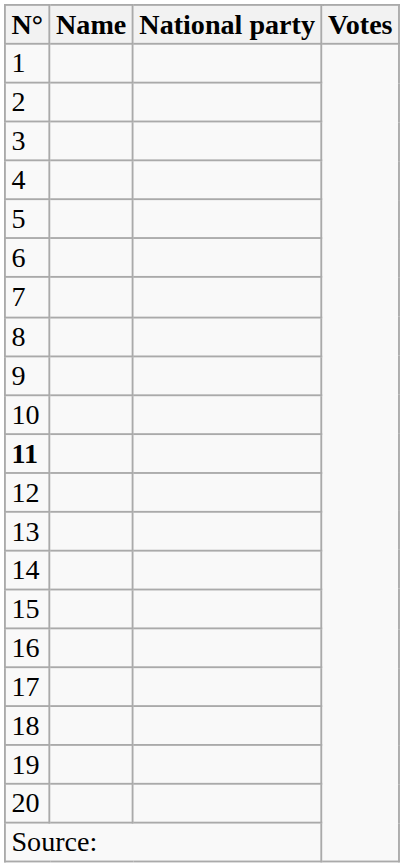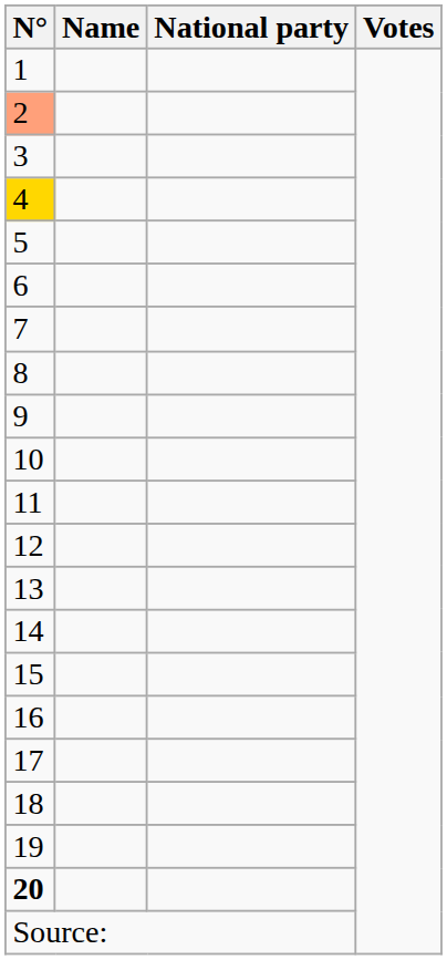 <table class="wikitable sortable" style="font-size:95%;line-height:14px;">
 <tr>
 <th>N°</th>
 <th>Name</th>
 <th colspan="2">National party</th>
 <th>Votes</th>
 </tr>
 <tr>
 <td>1</td>
 <td></td>
 <td></td>
 </tr>
 <tr>
-<td>2</td>
+<td style="background: lightsalmon;">2</td>
 <td><em></em></td>
 <td></td>
 </tr>
 <tr>
 <td>3</td>
 <td><em></em></td>
 <td></td>
 </tr>
 <tr>
-<td>4</td>
+<td style="background: gold;">4</td>
 <td></td>
 <td></td>
 </tr>
 <tr>
 <td>5</td>
 <td></td>
 <td></td>
 </tr>
 <tr>
 <td>6</td>
 <td></td>
 <td></td>
 </tr>
 <tr>
 <td>7</td>
 <td></td>
 <td></td>
 </tr>
 <tr>
 <td>8</td>
 <td></td>
 <td></td>
 </tr>
 <tr>
 <td>9</td>
 <td><em></em></td>
 <td></td>
 </tr>
 <tr>
 <td>10</td>
 <td></td>
 <td></td>
 </tr>
 <tr>
-<td><strong>11</strong></td>
+<td>11</td>
 <td></td>
 <td></td>
 </tr>
 <tr>
 <td>12</td>
 <td></td>
 <td></td>
 </tr>
 <tr>
 <td>13</td>
 <td></td>
 <td></td>
 </tr>
 <tr>
 <td>14</td>
 <td></td>
 <td></td>
 </tr>
 <tr>
 <td>15</td>
 <td></td>
 <td></td>
 </tr>
 <tr>
 <td>16</td>
 <td></td>
 <td></td>
 </tr>
 <tr>
 <td>17</td>
 <td></td>
 <td></td>
 </tr>
 <tr>
 <td>18</td>
 <td></td>
 <td></td>
 </tr>
 <tr>
 <td>19</td>
 <td></td>
 <td></td>
 </tr>
 <tr>
-<td>20</td>
+<td><strong>20</strong></td>
 <td></td>
 <td></td>
 </tr>
 <tr>
 <td colspan="3">Source: </td>
 </tr>
 </table>
